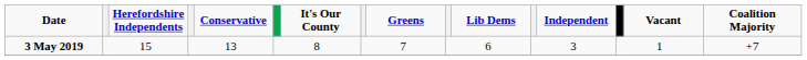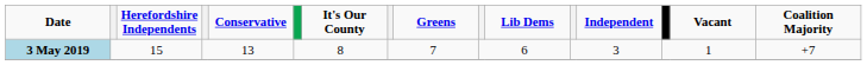 <table class="wikitable" border="1" style="text-align:left; padding-left:1em">
 <tr>
 <td width=125 align="center"><strong>Date</strong></td>
 <th style="background-color: "></th>
 <td width=100 align="center"><strong><a href='#'>Herefordshire Independents</a></strong></td>
 <th style="background-color: "></th>
 <td width=100 align="center"><strong><a href='#'>Conservative</a></strong></td>
 <th style="background-color: #08A651; width: 3px;"></th>
 <td width=100 align="center"><strong>It's Our County</strong></td>
 <th style="background-color: "></th>
 <td width=100 align="center"><strong><a href='#'>Greens</a></strong></td>
 <th style="background-color: "></th>
 <td width=100 align="center"><strong><a href='#'>Lib Dems</a></strong></td>
 <th style="background-color: "></th>
 <td width=100 align="center"><strong><a href='#'>Independent</a></strong></td>
 <th style="background-color: #000000; width: 3px;"></th>
 <td width=100 align="center"><strong>Vacant</strong></td>
 <td width=125 align="center"><strong>Coalition Majority</strong></td>
 </tr>
 <tr>
-<td align="center"><strong>3 May 2019</strong></td>
+<td align="center" style="background: lightblue;"><strong>3 May 2019</strong></td>
 <td colspan="2" align="center">15</td>
 <td colspan="2" align="center">13</td>
 <td colspan="2" align="center">8</td>
 <td colspan="2" align="center">7</td>
 <td colspan="2" align="center">6</td>
 <td colspan="2" align="center">3</td>
 <td colspan="2" align="center">1</td>
 <td colspan="2" align="center">+7</td>
 </tr>
 <tr>
 </tr>
 </table>
